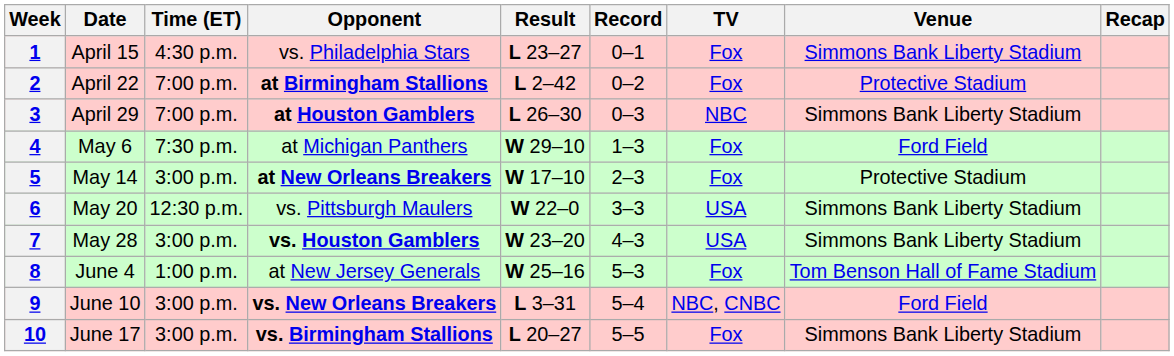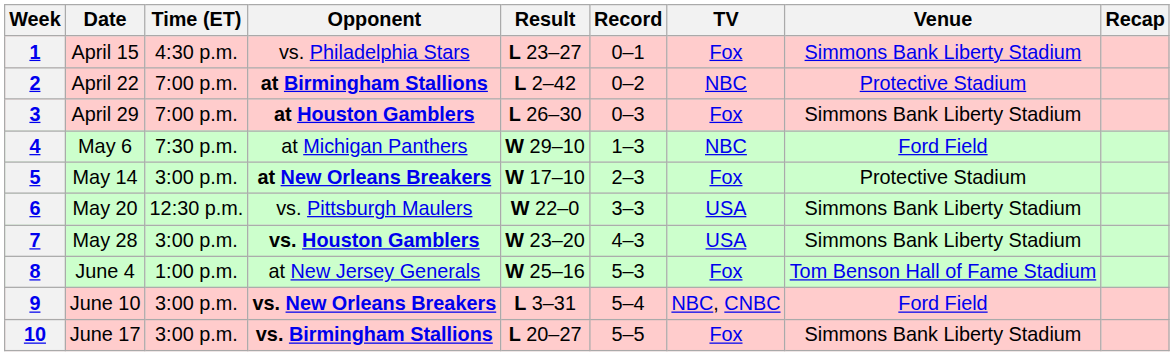 <table class="wikitable" style="text-align:center">
 <tr>
 <th>Week</th>
 <th>Date</th>
 <th>Time (ET)</th>
 <th>Opponent</th>
 <th>Result</th>
 <th>Record</th>
 <th>TV</th>
 <th>Venue</th>
 <th>Recap</th>
 </tr>
 <tr style="background:#ffcccc">
 <th><a href='#'>1</a></th>
 <td>April 15</td>
 <td>4:30 p.m.</td>
 <td>vs. <a href='#'>Philadelphia Stars</a></td>
 <td><strong>L</strong> 23–27</td>
 <td>0–1</td>
 <td><a href='#'>Fox</a></td>
 <td><a href='#'>Simmons Bank Liberty Stadium</a></td>
 <td></td>
 </tr>
 <tr style="background:#ffcccc">
 <th><a href='#'>2</a></th>
 <td>April 22</td>
 <td>7:00 p.m.</td>
 <td><strong>at <a href='#'>Birmingham Stallions</a></strong></td>
 <td><strong>L</strong> 2–42</td>
 <td>0–2</td>
-<td><a href='#'>Fox</a></td>
+<td><a href='#'>NBC</a></td>
 <td><a href='#'>Protective Stadium</a></td>
 <td></td>
 </tr>
 <tr style="background:#ffcccc">
 <th><a href='#'>3</a></th>
 <td>April 29</td>
 <td>7:00 p.m.</td>
 <td><strong>at <a href='#'>Houston Gamblers</a></strong></td>
 <td><strong>L</strong> 26–30</td>
 <td>0–3</td>
-<td><a href='#'>NBC</a></td>
+<td><a href='#'>Fox</a></td>
 <td>Simmons Bank Liberty Stadium</td>
 <td></td>
 </tr>
 <tr style="background:#ccffcc">
 <th><a href='#'>4</a></th>
 <td>May 6</td>
 <td>7:30 p.m.</td>
 <td>at <a href='#'>Michigan Panthers</a></td>
 <td><strong>W</strong> 29–10</td>
 <td>1–3</td>
-<td><a href='#'>Fox</a></td>
+<td><a href='#'>NBC</a></td>
 <td><a href='#'>Ford Field</a></td>
 <td></td>
 </tr>
 <tr style="background:#ccffcc">
 <th><a href='#'>5</a></th>
 <td>May 14</td>
 <td>3:00 p.m.</td>
 <td><strong>at <a href='#'>New Orleans Breakers</a></strong></td>
 <td><strong>W</strong> 17–10</td>
 <td>2–3</td>
 <td><a href='#'>Fox</a></td>
 <td>Protective Stadium</td>
 <td></td>
 </tr>
 <tr style="background:#ccffcc">
 <th><a href='#'>6</a></th>
 <td>May 20</td>
 <td>12:30 p.m.</td>
 <td>vs. <a href='#'>Pittsburgh Maulers</a></td>
 <td><strong>W</strong> 22–0</td>
 <td>3–3</td>
 <td><a href='#'>USA</a></td>
 <td>Simmons Bank Liberty Stadium</td>
 <td></td>
 </tr>
 <tr style="background:#ccffcc">
 <th><a href='#'>7</a></th>
 <td>May 28</td>
 <td>3:00 p.m.</td>
 <td><strong>vs. <a href='#'>Houston Gamblers</a></strong></td>
 <td><strong>W</strong> 23–20</td>
 <td>4–3</td>
 <td><a href='#'>USA</a></td>
 <td>Simmons Bank Liberty Stadium</td>
 <td></td>
 </tr>
 <tr style="background:#ccffcc">
 <th><a href='#'>8</a></th>
 <td>June 4</td>
 <td>1:00 p.m.</td>
 <td>at <a href='#'>New Jersey Generals</a></td>
 <td><strong>W</strong> 25–16</td>
 <td>5–3</td>
 <td><a href='#'>Fox</a></td>
 <td><a href='#'>Tom Benson Hall of Fame Stadium</a></td>
 <td></td>
 </tr>
 <tr style="background:#ffcccc">
 <th><a href='#'>9</a></th>
 <td>June 10</td>
 <td>3:00 p.m.</td>
 <td><strong>vs. <a href='#'>New Orleans Breakers</a></strong></td>
 <td><strong>L</strong> 3–31</td>
 <td>5–4</td>
 <td><a href='#'>NBC</a>, <a href='#'>CNBC</a></td>
 <td><a href='#'>Ford Field</a></td>
 <td></td>
 </tr>
 <tr style="background:#ffcccc">
 <th><a href='#'>10</a></th>
 <td>June 17</td>
 <td>3:00 p.m.</td>
 <td><strong>vs. <a href='#'>Birmingham Stallions</a></strong></td>
 <td><strong>L</strong> 20–27</td>
 <td>5–5</td>
 <td><a href='#'>Fox</a></td>
 <td>Simmons Bank Liberty Stadium</td>
 <td></td>
 </tr>
 </table>
